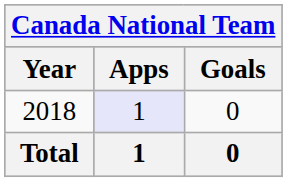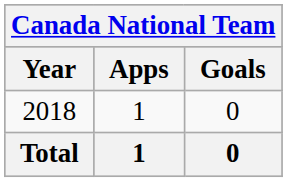 <table class="wikitable" style="text-align:center">
 <tr>
 <th colspan=3><a href='#'>Canada National Team</a></th>
 </tr>
 <tr>
 <th>Year</th>
 <th>Apps</th>
 <th>Goals</th>
 </tr>
 <tr>
 <td>2018</td>
-<td style="background: lavender;">1</td>
+<td>1</td>
 <td>0</td>
 </tr>
 <tr>
 <th>Total</th>
 <th>1</th>
 <th>0</th>
 </tr>
 </table>
